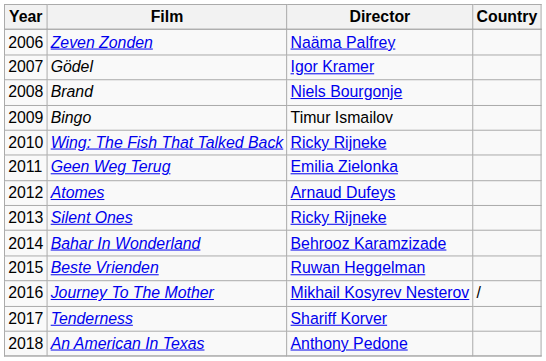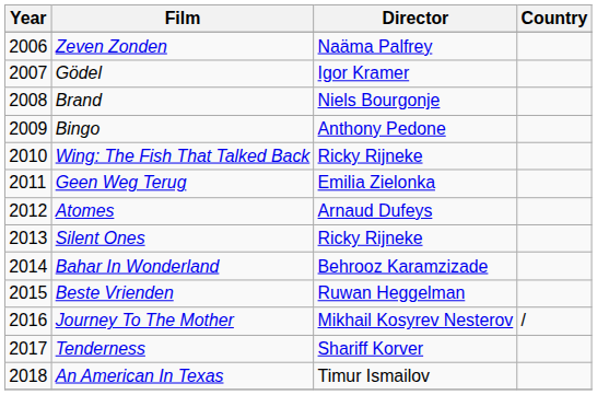 <table class="wikitable">
 <tr>
 <th>Year</th>
 <th>Film</th>
 <th>Director</th>
 <th>Country</th>
 </tr>
 <tr>
 </tr>
 <tr>
 <td>2006</td>
 <td><em><a href='#'>Zeven Zonden</a></em></td>
 <td><a href='#'>Naäma Palfrey</a></td>
 <td></td>
 </tr>
 <tr>
 <td>2007</td>
 <td><em>Gödel</em></td>
 <td><a href='#'>Igor Kramer</a></td>
 <td></td>
 </tr>
 <tr>
 <td>2008</td>
 <td><em>Brand</em></td>
 <td><a href='#'>Niels Bourgonje</a></td>
 <td></td>
 </tr>
 <tr>
 <td>2009</td>
 <td><em>Bingo</em></td>
-<td>Timur Ismailov</td>
+<td><a href='#'>Anthony Pedone</a></td>
 <td></td>
 </tr>
 <tr>
 <td>2010</td>
 <td><em><a href='#'>Wing: The Fish That Talked Back</a></em></td>
 <td><a href='#'>Ricky Rijneke</a></td>
 <td></td>
 </tr>
 <tr>
 <td>2011</td>
 <td><em><a href='#'>Geen Weg Terug</a></em></td>
 <td><a href='#'>Emilia Zielonka</a></td>
 <td></td>
 </tr>
 <tr>
 <td>2012</td>
 <td><em><a href='#'>Atomes</a></em></td>
 <td><a href='#'>Arnaud Dufeys</a></td>
 <td></td>
 </tr>
 <tr>
 <td>2013</td>
 <td><em><a href='#'>Silent Ones</a></em></td>
 <td><a href='#'>Ricky Rijneke</a></td>
 <td></td>
 </tr>
 <tr>
 <td>2014</td>
 <td><em><a href='#'>Bahar In Wonderland</a></em></td>
 <td><a href='#'>Behrooz Karamzizade</a></td>
 <td></td>
 </tr>
 <tr>
 <td>2015</td>
 <td><em><a href='#'>Beste Vrienden</a></em></td>
 <td><a href='#'>Ruwan Heggelman</a></td>
 <td></td>
 </tr>
 <tr>
 <td>2016</td>
 <td><em><a href='#'>Journey To The Mother</a></em></td>
 <td><a href='#'>Mikhail Kosyrev Nesterov</a></td>
 <td> / </td>
 </tr>
 <tr>
 <td>2017</td>
 <td><em><a href='#'>Tenderness</a></em></td>
 <td><a href='#'>Shariff Korver</a></td>
 <td></td>
 </tr>
 <tr>
 <td>2018</td>
 <td><em><a href='#'>An American In Texas</a></em></td>
-<td><a href='#'>Anthony Pedone</a></td>
+<td>Timur Ismailov</td>
 <td></td>
 </tr>
 <tr>
 </tr>
 </table>
